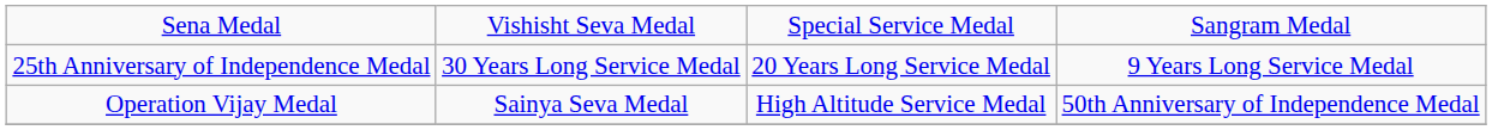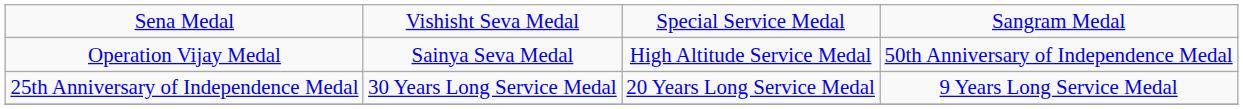 <table class="wikitable" style="margin:1em auto; text-align:center;">
 <tr>
 <td><a href='#'>Sena Medal</a></td>
 <td><a href='#'>Vishisht Seva Medal</a></td>
 <td><a href='#'>Special Service Medal</a></td>
 <td><a href='#'>Sangram Medal</a></td>
 </tr>
 <tr>
+<td><a href='#'>Operation Vijay Medal</a></td>
+<td><a href='#'>Sainya Seva Medal</a></td>
+<td><a href='#'>High Altitude Service Medal</a></td>
+<td><a href='#'>50th Anniversary of Independence Medal</a></td>
+</tr>
+<tr>
 <td><a href='#'>25th Anniversary of Independence Medal</a></td>
 <td><a href='#'>30 Years Long Service Medal</a></td>
 <td><a href='#'>20 Years Long Service Medal</a></td>
 <td><a href='#'>9 Years Long Service Medal</a></td>
 </tr>
 <tr>
-<td><a href='#'>Operation Vijay Medal</a></td>
-<td><a href='#'>Sainya Seva Medal</a></td>
-<td><a href='#'>High Altitude Service Medal</a></td>
-<td><a href='#'>50th Anniversary of Independence Medal</a></td>
-</tr>
-<tr>
 </tr>
 </table>
